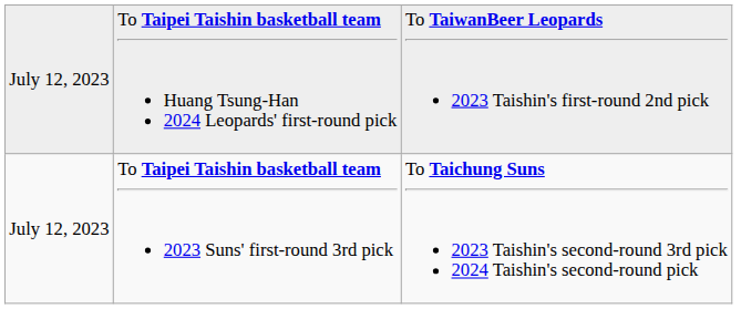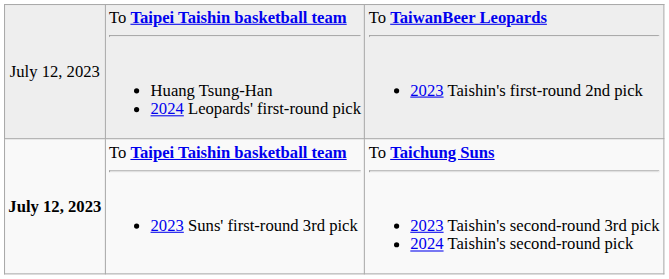 <table class="wikitable" style="text-align:center">
 <tr style="background:#eee">
 <td>July 12, 2023</td>
 <td align="left" valign="top">To <strong><a href='#'>Taipei Taishin basketball team</a></strong><hr><br><ul><li>Huang Tsung-Han</li><li><a href='#'>2024</a> Leopards' first-round pick</li></ul></td>
 <td align="left" valign="top">To <strong><a href='#'>TaiwanBeer Leopards</a></strong><hr><br><ul><li><a href='#'>2023</a> Taishin's first-round 2nd pick</li></ul></td>
 </tr>
 <tr>
-<td>July 12, 2023</td>
+<td><strong>July 12, 2023</strong></td>
 <td align="left" valign="top">To <strong><a href='#'>Taipei Taishin basketball team</a></strong><hr><br><ul><li><a href='#'>2023</a> Suns' first-round 3rd pick</li></ul></td>
 <td align="left" valign="top">To <strong><a href='#'>Taichung Suns</a></strong><hr><br><ul><li><a href='#'>2023</a> Taishin's second-round 3rd pick</li><li><a href='#'>2024</a> Taishin's second-round pick</li></ul></td>
 </tr>
 </table>
